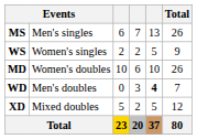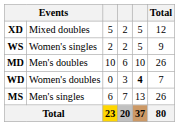 <table class="wikitable sortable" style="text-align:center; font-size:95%; background:white">
 <tr>
 <th colspan="2">Events</th>
 <th></th>
 <th></th>
 <th></th>
 <th>Total</th>
 </tr>
 <tr>
-<td><strong>MS</strong></td>
-<td align="left">Men's singles</td>
-<td>6</td>
-<td>7</td>
-<td>13</td>
-<td>26</td>
+<td><strong>XD</strong></td>
+<td align="left">Mixed doubles</td>
+<td>5</td>
+<td>2</td>
+<td>5</td>
+<td>12</td>
 </tr>
 <tr>
 <td><strong>WS</strong></td>
 <td align="left">Women's singles</td>
 <td>2</td>
 <td>2</td>
 <td>5</td>
 <td>9</td>
 </tr>
 <tr>
 <td><strong>MD</strong></td>
-<td align="left">Women's doubles</td>
+<td align="left">Men's doubles</td>
 <td>10</td>
 <td>6</td>
 <td>10</td>
 <td>26</td>
 </tr>
 <tr>
 <td><strong>WD</strong></td>
-<td align="left">Men's doubles</td>
+<td align="left">Women's doubles</td>
 <td>0</td>
 <td>3</td>
 <td><strong>4</strong></td>
 <td>7</td>
 </tr>
 <tr>
-<td><strong>XD</strong></td>
-<td align="left">Mixed doubles</td>
-<td>5</td>
-<td>2</td>
-<td>5</td>
-<td>12</td>
+<td><strong>MS</strong></td>
+<td align="left">Men's singles</td>
+<td>6</td>
+<td>7</td>
+<td>13</td>
+<td>26</td>
 </tr>
 <tr>
 <th colspan=2>Total</th>
 <th style="background:gold">23</th>
 <th style="background:silver">20</th>
 <th style="background:#CC9966">37</th>
 <th>80</th>
 </tr>
 </table>
